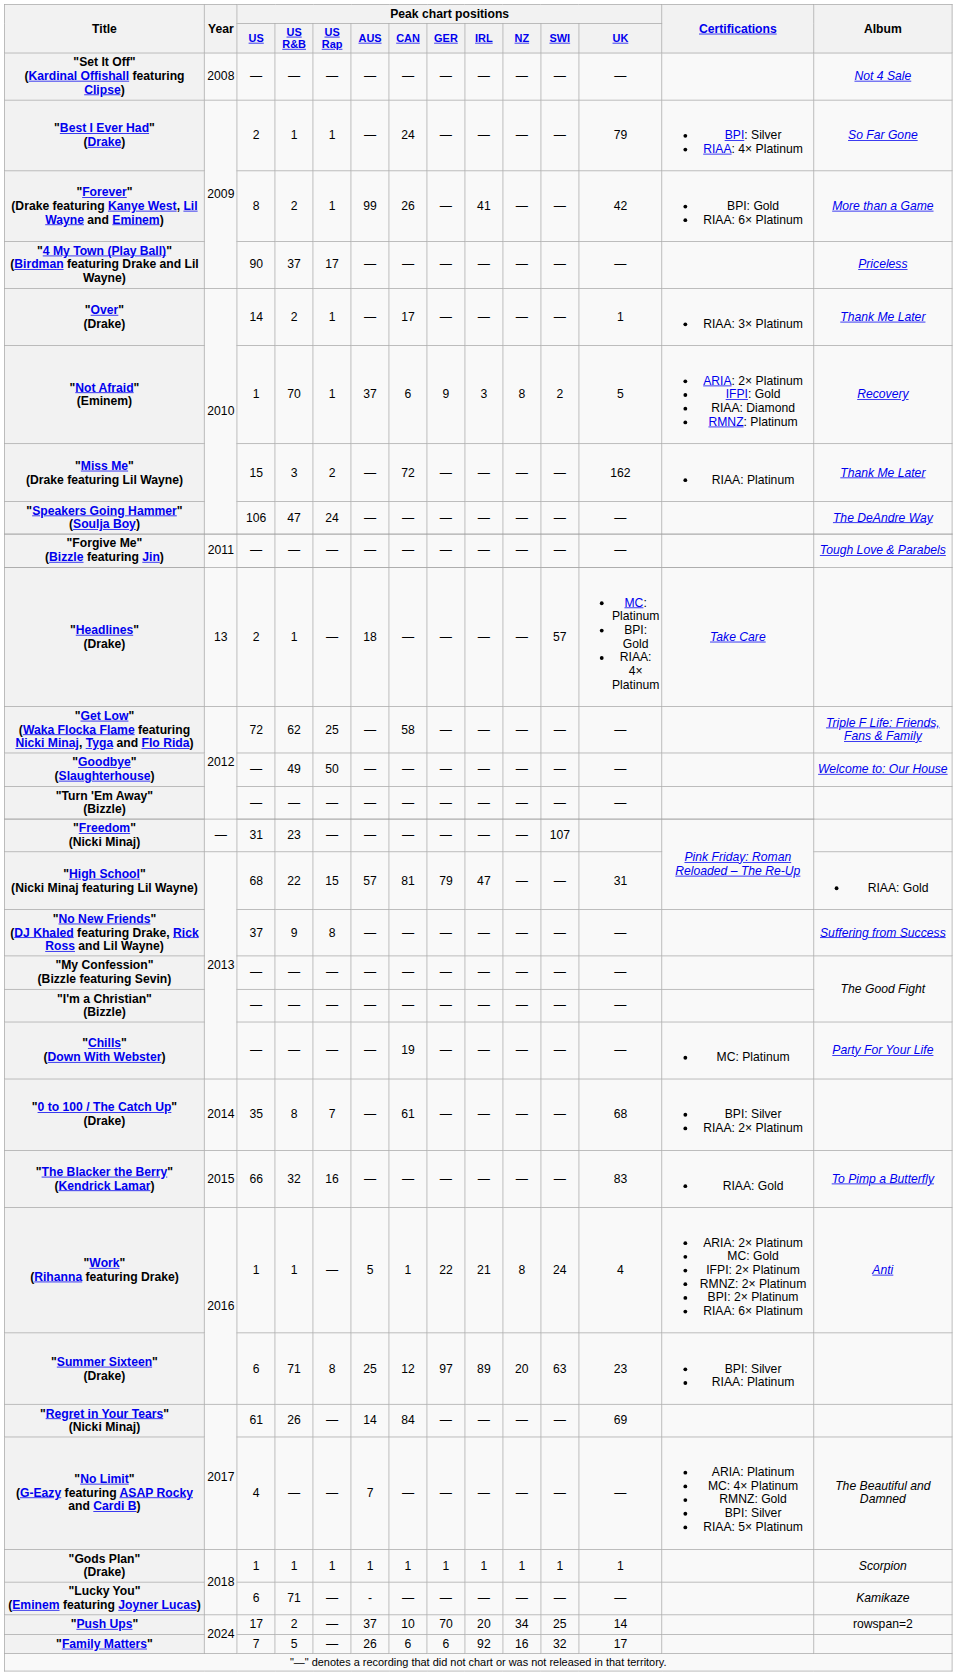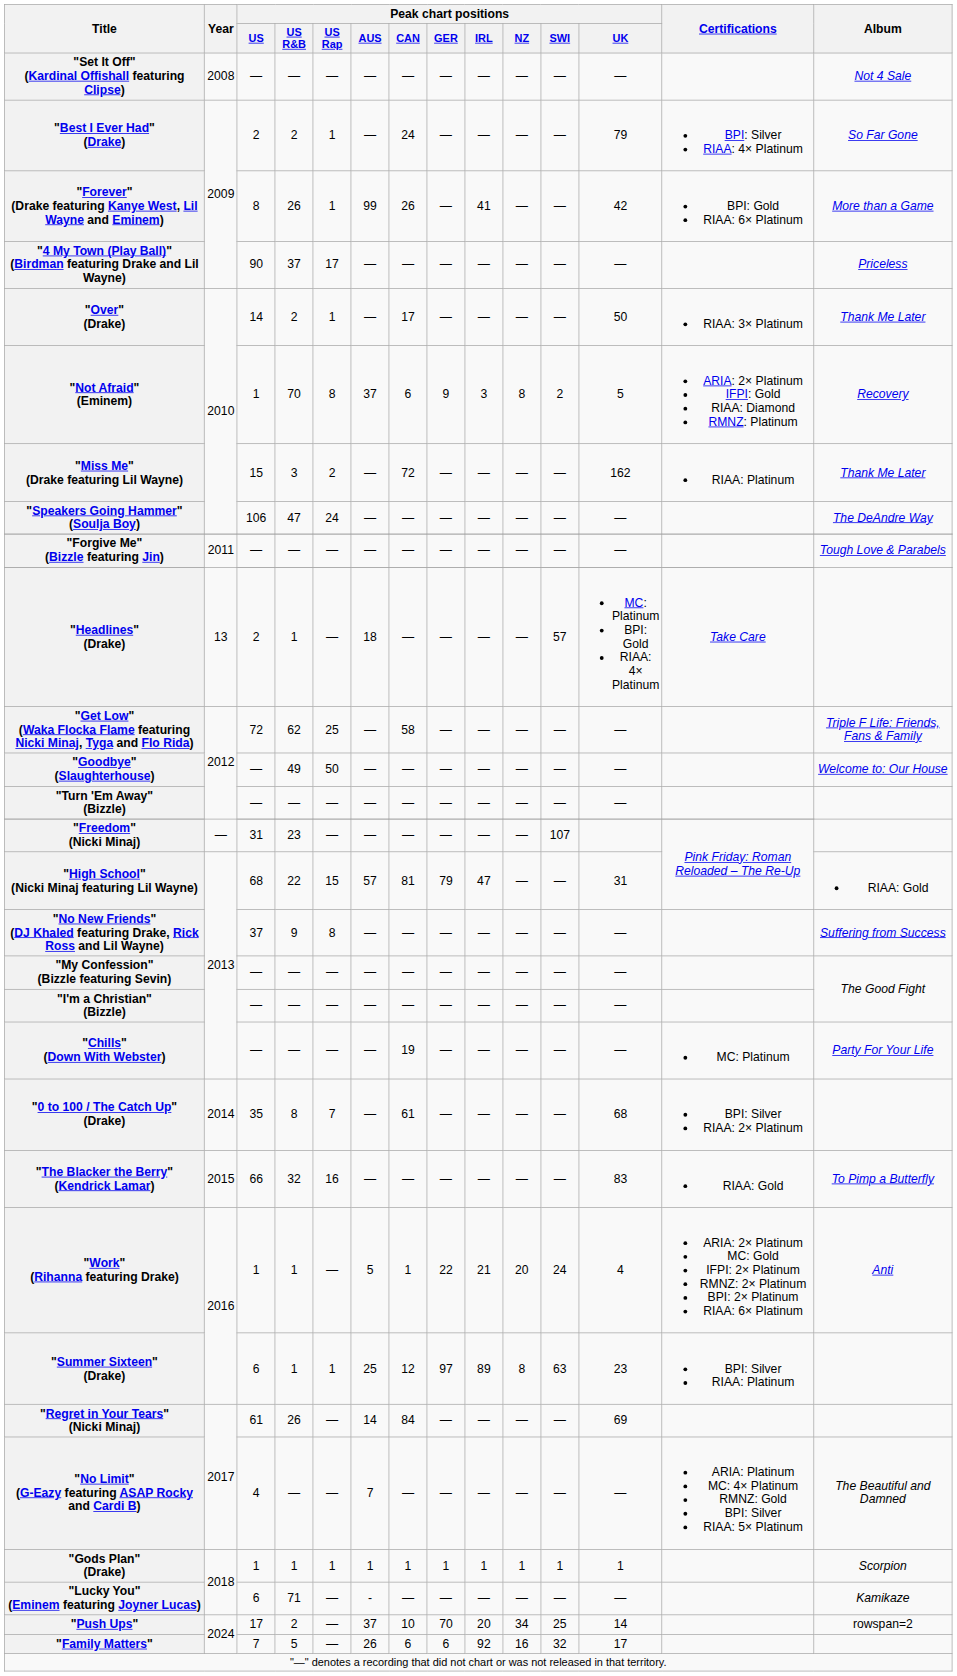 <table class="wikitable plainrowheaders" style="text-align:center;">
 <tr>
 <th scope="col" rowspan="2" style="width:16em;">Title</th>
 <th scope="col" rowspan="2">Year</th>
 <th scope="col" colspan="10">Peak chart positions</th>
 <th scope="col" rowspan="2" style="width:12em;"><a href='#'>Certifications</a></th>
 <th scope="col" rowspan="2">Album</th>
 </tr>
 <tr>
 <th scope="col" style="width:3em;font-size:90%;"><a href='#'>US</a><br></th>
 <th scope="col" style="width:3em;font-size:90%;"><a href='#'>US<br>R&B</a><br></th>
 <th scope="col" style="width:3em;font-size:90%;"><a href='#'>US<br>Rap</a><br></th>
 <th scope="col" style="width:3em;font-size:90%;"><a href='#'>AUS</a><br></th>
 <th scope="col" style="width:3em;font-size:90%;"><a href='#'>CAN</a><br></th>
 <th scope="col" style="width:3em;font-size:90%;"><a href='#'>GER</a><br></th>
 <th scope="col" style="width:3em;font-size:90%;"><a href='#'>IRL</a><br></th>
 <th scope="col" style="width:3em;font-size:90%;"><a href='#'>NZ</a><br></th>
 <th scope="col" style="width:3em;font-size:90%;"><a href='#'>SWI</a><br></th>
 <th scope="col" style="width:3em;font-size:90%;"><a href='#'>UK</a><br></th>
 </tr>
 <tr>
 <th scope="row">"Set It Off"<br><span>(<a href='#'>Kardinal Offishall</a> featuring <a href='#'>Clipse</a>)</span></th>
 <td>2008</td>
 <td>—</td>
 <td>—</td>
 <td>—</td>
 <td>—</td>
 <td>—</td>
 <td>—</td>
 <td>—</td>
 <td>—</td>
 <td>—</td>
 <td>—</td>
 <td></td>
 <td><em><a href='#'>Not 4 Sale</a></em></td>
 </tr>
 <tr>
 <th scope="row">"<a href='#'>Best I Ever Had</a>"<br><span>(<a href='#'>Drake</a>)</span></th>
 <td rowspan="3">2009</td>
 <td>2</td>
-<td>1</td>
+<td>2</td>
 <td>1</td>
 <td>—</td>
 <td>24</td>
 <td>—</td>
 <td>—</td>
 <td>—</td>
 <td>—</td>
 <td>79</td>
 <td><br><ul><li><a href='#'>BPI</a>: Silver</li><li><a href='#'>RIAA</a>: 4× Platinum</li></ul></td>
 <td><em><a href='#'>So Far Gone</a></em></td>
 </tr>
 <tr>
 <th scope="row">"<a href='#'>Forever</a>"<br><span>(Drake featuring <a href='#'>Kanye West</a>, <a href='#'>Lil Wayne</a> and <a href='#'>Eminem</a>)</span></th>
 <td>8</td>
-<td>2</td>
+<td>26</td>
 <td>1</td>
 <td>99</td>
 <td>26</td>
 <td>—</td>
 <td>41</td>
 <td>—</td>
 <td>—</td>
 <td>42</td>
 <td><br><ul><li>BPI: Gold</li><li>RIAA: 6× Platinum</li></ul></td>
 <td><em><a href='#'>More than a Game</a></em></td>
 </tr>
 <tr>
 <th scope="row">"<a href='#'>4 My Town (Play Ball)</a>"<br><span>(<a href='#'>Birdman</a> featuring Drake and Lil Wayne)</span></th>
 <td>90</td>
 <td>37</td>
 <td>17</td>
 <td>—</td>
 <td>—</td>
 <td>—</td>
 <td>—</td>
 <td>—</td>
 <td>—</td>
 <td>—</td>
 <td></td>
 <td><em><a href='#'>Priceless</a></em></td>
 </tr>
 <tr>
 <th scope="row">"<a href='#'>Over</a>"<br><span>(Drake)</span></th>
 <td rowspan="4">2010</td>
 <td>14</td>
 <td>2</td>
 <td>1</td>
 <td>—</td>
 <td>17</td>
 <td>—</td>
 <td>—</td>
 <td>—</td>
 <td>—</td>
-<td>1</td>
+<td>50</td>
 <td><br><ul><li>RIAA: 3× Platinum</li></ul></td>
 <td><em><a href='#'>Thank Me Later</a></em></td>
 </tr>
 <tr>
 <th scope="row">"<a href='#'>Not Afraid</a>"<br><span>(Eminem)</span></th>
 <td>1</td>
 <td>70</td>
-<td>1</td>
+<td>8</td>
 <td>37</td>
 <td>6</td>
 <td>9</td>
 <td>3</td>
 <td>8</td>
 <td>2</td>
 <td>5</td>
 <td><br><ul><li><a href='#'>ARIA</a>: 2× Platinum</li><li><a href='#'>IFPI</a>: Gold</li><li>RIAA: Diamond</li><li><a href='#'>RMNZ</a>: Platinum</li></ul></td>
 <td><em><a href='#'>Recovery</a></em></td>
 </tr>
 <tr>
 <th scope="row">"<a href='#'>Miss Me</a>"<br><span>(Drake featuring Lil Wayne)</span></th>
 <td>15</td>
 <td>3</td>
 <td>2</td>
 <td>—</td>
 <td>72</td>
 <td>—</td>
 <td>—</td>
 <td>—</td>
 <td>—</td>
 <td>162</td>
 <td><br><ul><li>RIAA: Platinum</li></ul></td>
 <td><em><a href='#'>Thank Me Later</a></em></td>
 </tr>
 <tr>
 <th scope="row">"<a href='#'>Speakers Going Hammer</a>"<br><span>(<a href='#'>Soulja Boy</a>)</span></th>
 <td>106</td>
 <td>47</td>
 <td>24</td>
 <td>—</td>
 <td>—</td>
 <td>—</td>
 <td>—</td>
 <td>—</td>
 <td>—</td>
 <td>—</td>
 <td></td>
 <td><em><a href='#'>The DeAndre Way</a></em></td>
 </tr>
 <tr>
 </tr>
 <tr>
 <th scope="row">"Forgive Me"<br><span>(<a href='#'>Bizzle</a> featuring <a href='#'>Jin</a>)</span></th>
 <td rowspan="2">2011</td>
 <td>—</td>
 <td>—</td>
 <td>—</td>
 <td>—</td>
 <td>—</td>
 <td>—</td>
 <td>—</td>
 <td>—</td>
 <td>—</td>
 <td>—</td>
 <td></td>
 <td><em><a href='#'>Tough Love & Parabels</a></em></td>
 </tr>
 <tr>
 </tr>
 <tr>
 <th scope="row">"<a href='#'>Headlines</a>"<br><span>(Drake)</span></th>
 <td>13</td>
 <td>2</td>
 <td>1</td>
 <td>—</td>
 <td>18</td>
 <td>—</td>
 <td>—</td>
 <td>—</td>
 <td>—</td>
 <td>57</td>
 <td><br><ul><li><a href='#'>MC</a>: Platinum</li><li>BPI: Gold</li><li>RIAA: 4× Platinum</li></ul></td>
 <td><em><a href='#'>Take Care</a></em></td>
 </tr>
 <tr>
 <th scope="row">"<a href='#'>Get Low</a>"<br><span>(<a href='#'>Waka Flocka Flame</a> featuring <a href='#'>Nicki Minaj</a>, <a href='#'>Tyga</a> and <a href='#'>Flo Rida</a>)</span></th>
 <td rowspan="4">2012</td>
 <td>72</td>
 <td>62</td>
 <td>25</td>
 <td>—</td>
 <td>58</td>
 <td>—</td>
 <td>—</td>
 <td>—</td>
 <td>—</td>
 <td>—</td>
 <td></td>
 <td><em><a href='#'>Triple F Life: Friends, Fans & Family</a></em></td>
 </tr>
 <tr>
 <th scope="row">"<a href='#'>Goodbye</a>"<br><span>(<a href='#'>Slaughterhouse</a>)</span></th>
 <td>—</td>
 <td>49</td>
 <td>50</td>
 <td>—</td>
 <td>—</td>
 <td>—</td>
 <td>—</td>
 <td>—</td>
 <td>—</td>
 <td>—</td>
 <td></td>
 <td><em><a href='#'>Welcome to: Our House</a></em></td>
 </tr>
 <tr>
 <th scope="row">"Turn 'Em Away"<br><span>(Bizzle)</span></th>
 <td>—</td>
 <td>—</td>
 <td>—</td>
 <td>—</td>
 <td>—</td>
 <td>—</td>
 <td>—</td>
 <td>—</td>
 <td>—</td>
 <td>—</td>
 <td></td>
 <td></td>
 </tr>
 <tr>
 </tr>
 <tr>
 <th scope="row">"<a href='#'>Freedom</a>"<br><span>(Nicki Minaj)</span></th>
 <td>—</td>
 <td>31</td>
 <td>23</td>
 <td>—</td>
 <td>—</td>
 <td>—</td>
 <td>—</td>
 <td>—</td>
 <td>—</td>
 <td>107</td>
 <td></td>
 <td rowspan="2"><em><a href='#'>Pink Friday: Roman Reloaded – The Re-Up</a></em></td>
 </tr>
 <tr>
 <th scope="row">"<a href='#'>High School</a>"<br><span>(Nicki Minaj featuring Lil Wayne)</span></th>
 <td rowspan="5">2013</td>
 <td>68</td>
 <td>22</td>
 <td>15</td>
 <td>57</td>
 <td>81</td>
 <td>79</td>
 <td>47</td>
 <td>—</td>
 <td>—</td>
 <td>31</td>
 <td><br><ul><li>RIAA: Gold</li></ul></td>
 </tr>
 <tr>
 <th scope="row">"<a href='#'>No New Friends</a>"<br><span>(<a href='#'>DJ Khaled</a> featuring Drake, <a href='#'>Rick Ross</a> and Lil Wayne)</span></th>
 <td>37</td>
 <td>9</td>
 <td>8</td>
 <td>—</td>
 <td>—</td>
 <td>—</td>
 <td>—</td>
 <td>—</td>
 <td>—</td>
 <td>—</td>
 <td></td>
 <td><em><a href='#'>Suffering from Success</a></em></td>
 </tr>
 <tr>
 <th scope="row">"My Confession"<br><span>(Bizzle featuring Sevin)</span></th>
 <td>—</td>
 <td>—</td>
 <td>—</td>
 <td>—</td>
 <td>—</td>
 <td>—</td>
 <td>—</td>
 <td>—</td>
 <td>—</td>
 <td>—</td>
 <td></td>
 <td rowspan="2"><em>The Good Fight</em></td>
 </tr>
 <tr>
 <th scope="row">"I'm a Christian"<br><span>(Bizzle)</span></th>
 <td>—</td>
 <td>—</td>
 <td>—</td>
 <td>—</td>
 <td>—</td>
 <td>—</td>
 <td>—</td>
 <td>—</td>
 <td>—</td>
 <td>—</td>
 </tr>
 <tr>
 <th scope="row">"<a href='#'>Chills</a>"<br><span>(<a href='#'>Down With Webster</a>)</span></th>
 <td>—</td>
 <td>—</td>
 <td>—</td>
 <td>—</td>
 <td>19</td>
 <td>—</td>
 <td>—</td>
 <td>—</td>
 <td>—</td>
 <td>—</td>
 <td><br><ul><li>MC: Platinum</li></ul></td>
 <td><em><a href='#'>Party For Your Life</a></em></td>
 </tr>
 <tr>
 <th scope="row">"<a href='#'>0 to 100 / The Catch Up</a>"<br><span>(Drake)</span></th>
 <td rowspan="1">2014</td>
 <td>35</td>
 <td>8</td>
 <td>7</td>
 <td>—</td>
 <td>61</td>
 <td>—</td>
 <td>—</td>
 <td>—</td>
 <td>—</td>
 <td>68</td>
 <td><br><ul><li>BPI: Silver</li><li>RIAA: 2× Platinum</li></ul></td>
 <td></td>
 </tr>
 <tr>
 <th scope="row">"<a href='#'>The Blacker the Berry</a>"<br><span>(<a href='#'>Kendrick Lamar</a>)</span></th>
 <td rowspan="1">2015</td>
 <td>66</td>
 <td>32</td>
 <td>16</td>
 <td>—</td>
 <td>—</td>
 <td>—</td>
 <td>—</td>
 <td>—</td>
 <td>—</td>
 <td>83</td>
 <td><br><ul><li>RIAA: Gold</li></ul></td>
 <td><em><a href='#'>To Pimp a Butterfly</a></em></td>
 </tr>
 <tr>
 <th scope="row">"<a href='#'>Work</a>"<br><span>(<a href='#'>Rihanna</a> featuring Drake)</span></th>
 <td rowspan="2">2016</td>
 <td>1</td>
 <td>1</td>
 <td>—</td>
 <td>5</td>
 <td>1</td>
 <td>22</td>
 <td>21</td>
-<td>8</td>
+<td>20</td>
 <td>24</td>
 <td>4</td>
 <td><br><ul><li>ARIA: 2× Platinum</li><li>MC: Gold</li><li>IFPI: 2× Platinum</li><li>RMNZ: 2× Platinum</li><li>BPI: 2× Platinum</li><li>RIAA: 6× Platinum</li></ul></td>
 <td><em><a href='#'>Anti</a></em></td>
 </tr>
 <tr>
 <th scope="row">"<a href='#'>Summer Sixteen</a>"<br><span>(Drake)</span></th>
 <td>6</td>
-<td>71</td>
-<td>8</td>
+<td>1</td>
+<td>1</td>
 <td>25</td>
 <td>12</td>
 <td>97</td>
 <td>89</td>
-<td>20</td>
+<td>8</td>
 <td>63</td>
 <td>23</td>
 <td><br><ul><li>BPI: Silver</li><li>RIAA: Platinum</li></ul></td>
 <td></td>
 </tr>
 <tr>
 <th scope="row">"<a href='#'>Regret in Your Tears</a>"<br><span>(Nicki Minaj)</span></th>
 <td rowspan="2">2017</td>
 <td>61</td>
 <td>26</td>
 <td>—</td>
 <td>14</td>
 <td>84</td>
 <td>—</td>
 <td>—</td>
 <td>—</td>
 <td>—</td>
 <td>69</td>
 <td></td>
 <td></td>
 </tr>
 <tr>
 <th scope="row">"<a href='#'>No Limit</a>"<br><span>(<a href='#'>G-Eazy</a> featuring <a href='#'>ASAP Rocky</a> and <a href='#'>Cardi B</a>)</span></th>
 <td>4</td>
 <td>—</td>
 <td>—</td>
 <td>7</td>
 <td>—</td>
 <td>—</td>
 <td>—</td>
 <td>—</td>
 <td>—</td>
 <td>—</td>
 <td><br><ul><li>ARIA: Platinum</li><li>MC: 4× Platinum</li><li>RMNZ: Gold</li><li>BPI: Silver</li><li>RIAA: 5× Platinum</li></ul></td>
 <td><em>The Beautiful and Damned</em></td>
 </tr>
 <tr>
 <th scope="row">"Gods Plan"<br><span>(Drake)</span></th>
 <td rowspan="2">2018</td>
 <td>1</td>
 <td>1</td>
 <td>1</td>
 <td>1</td>
 <td>1</td>
 <td>1</td>
 <td>1</td>
 <td>1</td>
 <td>1</td>
 <td>1</td>
 <td></td>
 <td><em>Scorpion</em></td>
 </tr>
 <tr>
 <th scope="row">"Lucky You"<br><span>(<a href='#'>Eminem</a> featuring <a href='#'>Joyner Lucas</a>)</span></th>
 <td>6</td>
 <td>71</td>
 <td>—</td>
 <td>-</td>
 <td>—</td>
 <td>—</td>
 <td>—</td>
 <td>—</td>
 <td>—</td>
 <td>—</td>
 <td></td>
 <td><em>Kamikaze</em></td>
 </tr>
 <tr>
 <th scope="row">"<a href='#'>Push Ups</a>"<br></th>
 <td rowspan=2>2024</td>
 <td>17</td>
 <td>2</td>
 <td>—</td>
 <td>37</td>
 <td>10</td>
 <td>70</td>
 <td>20</td>
 <td>34</td>
 <td>25</td>
 <td>14</td>
 <td></td>
 <td>rowspan=2 </td>
 </tr>
 <tr>
 <th scope="row">"<a href='#'>Family Matters</a>"<br></th>
 <td>7</td>
 <td>5</td>
 <td>—</td>
 <td>26</td>
 <td>6</td>
 <td>6</td>
 <td>92</td>
 <td>16</td>
 <td>32</td>
 <td>17</td>
 <td></td>
 </tr>
 <tr>
 <td colspan="14" style="font-size:90%">"—" denotes a recording that did not chart or was not released in that territory.</td>
 </tr>
 </table>
